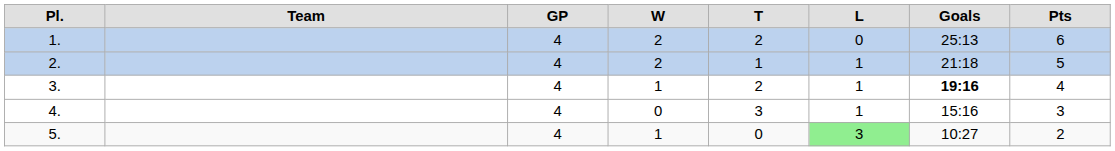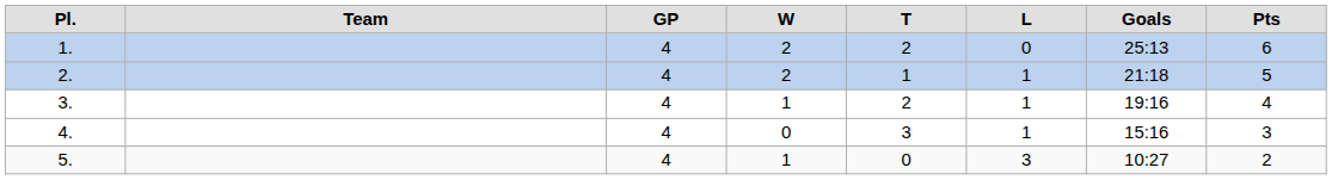 <table class="wikitable" width="60%">
 <tr style="font-weight:bold; background-color:#e0e0e0;" align="center" |>
 <td width="5%">Pl.</td>
 <td width="20%">Team</td>
 <td width="5%">GP</td>
 <td width="5%">W</td>
 <td width="5%">T</td>
 <td width="5%">L</td>
 <td width="5%">Goals</td>
 <td width="5%">Pts</td>
 </tr>
 <tr align="center" bgcolor="#BCD2EE">
 <td>1.</td>
 <td align="left"></td>
 <td>4</td>
 <td>2</td>
 <td>2</td>
 <td>0</td>
 <td>25:13</td>
 <td>6</td>
 </tr>
 <tr align="center" bgcolor="#BCD2EE">
 <td>2.</td>
 <td align="left"></td>
 <td>4</td>
 <td>2</td>
 <td>1</td>
 <td>1</td>
 <td>21:18</td>
 <td>5</td>
 </tr>
 <tr align="center" bgcolor="#FFFFFF">
 <td>3.</td>
 <td align="left"></td>
 <td>4</td>
 <td>1</td>
 <td>2</td>
 <td>1</td>
-<td><strong>19:16</strong></td>
+<td>19:16</td>
 <td>4</td>
 </tr>
 <tr align="center" bgcolor="#FFFFFF">
 <td>4.</td>
 <td align="left"></td>
 <td>4</td>
 <td>0</td>
 <td>3</td>
 <td>1</td>
 <td>15:16</td>
 <td>3</td>
 </tr>
 <tr align="center">
 <td>5.</td>
 <td align="left"></td>
 <td>4</td>
 <td>1</td>
 <td>0</td>
-<td style="background: lightgreen;">3</td>
+<td>3</td>
 <td>10:27</td>
 <td>2</td>
 </tr>
 </table>
